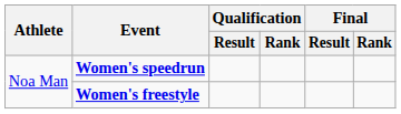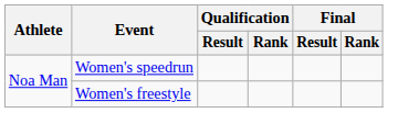 <table class=wikitable style=font-size:90%;text-align:center>
 <tr>
 <th rowspan=2>Athlete</th>
 <th rowspan=2>Event</th>
 <th colspan=2>Qualification</th>
 <th colspan=2>Final</th>
 </tr>
 <tr style=font-size:95%>
 <th>Result</th>
 <th>Rank</th>
 <th>Result</th>
 <th>Rank</th>
 </tr>
 <tr>
 <td align=left rowspan=2><a href='#'>Noa Man</a></td>
-<td align=left><strong><a href='#'>Women's speedrun</a></strong></td>
+<td align=left><a href='#'>Women's speedrun</a></td>
 <td></td>
 <td></td>
 <td></td>
 <td></td>
 </tr>
 <tr>
-<td align=left><strong><a href='#'>Women's freestyle</a></strong></td>
+<td align=left><a href='#'>Women's freestyle</a></td>
 <td></td>
 <td></td>
 <td></td>
 <td></td>
 </tr>
 </table>
